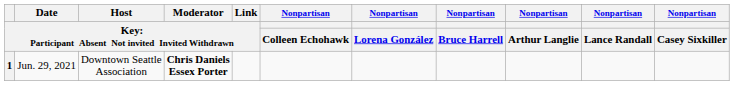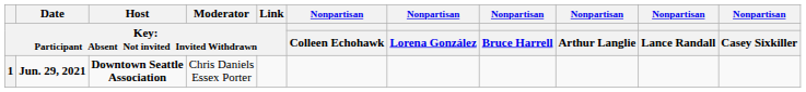 <table class="wikitable" style="text-align:center;">
 <tr>
 <th scope="col"></th>
 <th scope="col">Date</th>
 <th scope="col">Host</th>
 <th scope="col">Moderator</th>
 <th scope="col">Link</th>
 <th scope="col"><small><a href='#'>Nonpartisan</a></small></th>
 <th scope="col"><small><a href='#'>Nonpartisan</a></small></th>
 <th scope="col"><small><a href='#'>Nonpartisan</a></small></th>
 <th scope="col"><small><a href='#'>Nonpartisan</a></small></th>
 <th scope="col"><small><a href='#'>Nonpartisan</a></small></th>
 <th scope="col"><small><a href='#'>Nonpartisan</a></small></th>
 </tr>
 <tr>
 <th colspan="5" rowspan="2">Key:<br> <small>Participant </small>  <small>Absent </small>  <small>Not invited </small>  <small>Invited  Withdrawn</small></th>
 <th scope="col" style="background:"></th>
 <th scope="col" style="background:"></th>
 <th scope="col" style="background:"></th>
 <th scope="col" style="background:"></th>
 <th scope="col" style="background:"></th>
 <th scope="col" style="background:"></th>
 </tr>
 <tr>
 <th scope="col">Colleen Echohawk</th>
 <th scope="col"><a href='#'>Lorena González</a></th>
 <th scope="col"><a href='#'>Bruce Harrell</a></th>
 <th scope="col">Arthur Langlie</th>
 <th scope="col">Lance Randall</th>
 <th scope="col">Casey Sixkiller</th>
 </tr>
 <tr>
 <th>1</th>
-<td style="white-space:nowrap;">Jun. 29, 2021</td>
-<td style="white-space:nowrap;">Downtown Seattle<br>Association</td>
-<td style="white-space:nowrap;"><strong>Chris Daniels<br>Essex Porter</strong></td>
+<td style="white-space:nowrap;"><strong>Jun. 29, 2021</strong></td>
+<td style="white-space:nowrap;"><strong>Downtown Seattle<br>Association</strong></td>
+<td style="white-space:nowrap;">Chris Daniels<br>Essex Porter</td>
 <td style="white-space:nowrap;"></td>
 <td></td>
 <td></td>
 <td></td>
 <td></td>
 <td></td>
 <td></td>
 </tr>
 </table>
